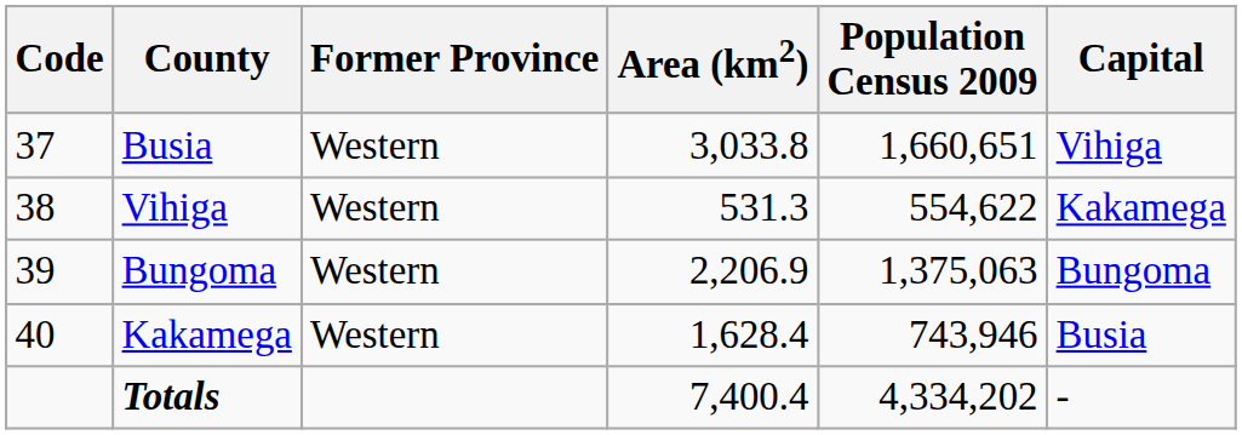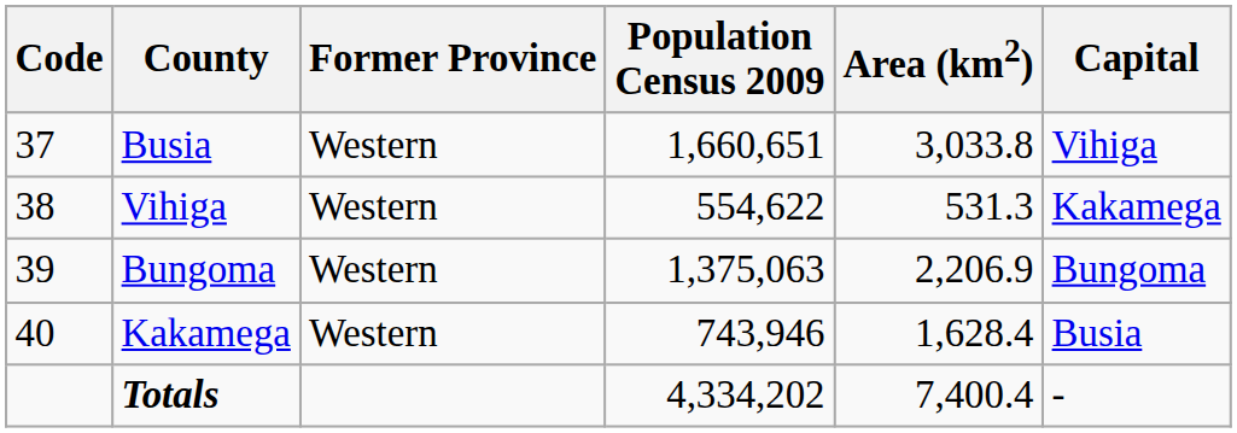 <table class="sortable wikitable">
 <tr>
 <th>Code</th>
 <th>County</th>
 <th>Former Province</th>
+<th>Population<br>Census 2009</th>
 <th>Area (km<sup>2</sup>)</th>
-<th>Population<br>Census 2009</th>
 <th>Capital</th>
 </tr>
 <tr>
 <td>37</td>
 <td><a href='#'>Busia</a></td>
 <td>Western</td>
+<td align="right">1,660,651</td>
 <td align="right">3,033.8</td>
-<td align="right">1,660,651</td>
 <td><a href='#'>Vihiga</a></td>
 </tr>
 <tr>
 <td>38</td>
 <td><a href='#'>Vihiga</a></td>
 <td>Western</td>
+<td align="right">554,622</td>
 <td align="right">531.3</td>
-<td align="right">554,622</td>
 <td><a href='#'>Kakamega</a></td>
 </tr>
 <tr>
 <td>39</td>
 <td><a href='#'>Bungoma</a></td>
 <td>Western</td>
+<td align="right">1,375,063</td>
 <td align="right">2,206.9</td>
-<td align="right">1,375,063</td>
 <td><a href='#'>Bungoma</a></td>
 </tr>
 <tr>
 <td>40</td>
 <td><a href='#'>Kakamega</a></td>
 <td>Western</td>
+<td align="right">743,946</td>
 <td align="right">1,628.4</td>
-<td align="right">743,946</td>
 <td><a href='#'>Busia</a></td>
 </tr>
 <tr>
 <td></td>
 <td><strong><em>Totals</em></strong></td>
 <td></td>
+<td align="right">4,334,202</td>
 <td align="right">7,400.4</td>
-<td align="right">4,334,202</td>
 <td>-</td>
 </tr>
 </table>
